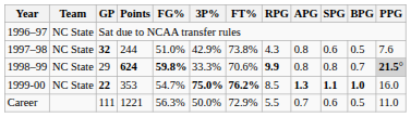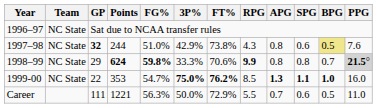 <table class="wikitable">
 <tr>
 <th>Year</th>
 <th>Team</th>
 <th>GP</th>
 <th>Points</th>
 <th>FG%</th>
 <th>3P%</th>
 <th>FT%</th>
 <th>RPG</th>
 <th>APG</th>
 <th>SPG</th>
 <th>BPG</th>
 <th>PPG</th>
 </tr>
 <tr>
 <td>1996–97</td>
 <td>NC State</td>
 <td colspan="10">Sat due to NCAA transfer rules</td>
 </tr>
 <tr>
 <td>1997–98</td>
 <td>NC State</td>
 <td><strong>32</strong></td>
 <td>244</td>
 <td>51.0%</td>
 <td>42.9%</td>
 <td>73.8%</td>
 <td>4.3</td>
 <td>0.8</td>
 <td>0.6</td>
-<td>0.5</td>
+<td style="background: khaki;">0.5</td>
 <td>7.6</td>
 </tr>
 <tr>
 <td>1998–99</td>
 <td>NC State</td>
 <td>29</td>
 <td><strong>624</strong></td>
 <td><strong>59.8%</strong></td>
 <td>33.3%</td>
 <td>70.6%</td>
 <td><strong>9.9</strong></td>
 <td>0.8</td>
 <td>0.8</td>
 <td>0.7</td>
 <td style="background:#D3D3D3"><strong>21.5</strong>°</td>
 </tr>
 <tr>
 <td>1999-00</td>
 <td>NC State</td>
-<td><strong>22</strong></td>
+<td>22</td>
 <td>353</td>
 <td>54.7%</td>
 <td><strong>75.0%</strong></td>
 <td><strong>76.2%</strong></td>
 <td>8.5</td>
 <td><strong>1.3</strong></td>
 <td><strong>1.1</strong></td>
 <td><strong>1.0</strong></td>
 <td>16.0</td>
 </tr>
 <tr>
 <td>Career</td>
 <td></td>
 <td>111</td>
 <td>1221</td>
 <td>56.3%</td>
 <td>50.0%</td>
 <td>72.9%</td>
 <td>5.5</td>
 <td>0.7</td>
 <td>0.6</td>
 <td>0.5</td>
 <td>11.0</td>
 </tr>
 </table>
